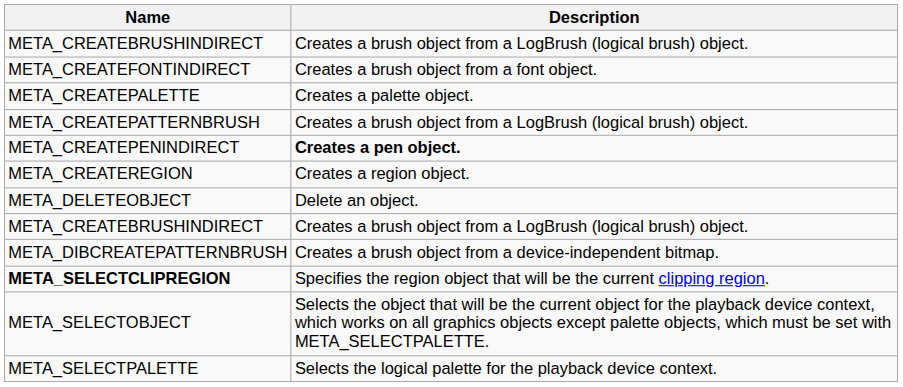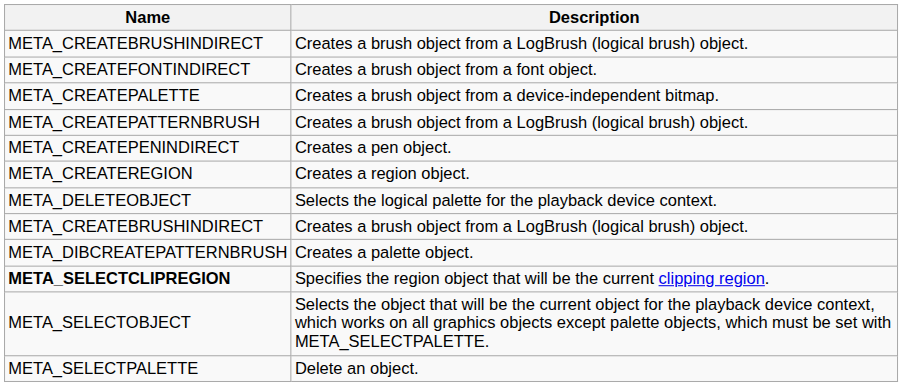 <table class="wikitable">
 <tr valign="bottom">
 <th>Name</th>
 <th>Description</th>
 </tr>
 <tr>
 <td>META_CREATEBRUSHINDIRECT</td>
 <td>Creates a brush object from a LogBrush (logical brush) object.</td>
 </tr>
 <tr>
 <td>META_CREATEFONTINDIRECT</td>
 <td>Creates a brush object from a font object.</td>
 </tr>
 <tr>
 <td>META_CREATEPALETTE</td>
-<td>Creates a palette object.</td>
+<td>Creates a brush object from a device-independent bitmap.</td>
 </tr>
 <tr>
 <td>META_CREATEPATTERNBRUSH</td>
 <td>Creates a brush object from a LogBrush (logical brush) object.</td>
 </tr>
 <tr>
 <td>META_CREATEPENINDIRECT</td>
-<td><strong>Creates a pen object.</strong></td>
+<td>Creates a pen object.</td>
 </tr>
 <tr>
 <td>META_CREATEREGION</td>
 <td>Creates a region object.</td>
 </tr>
 <tr>
 <td>META_DELETEOBJECT</td>
-<td>Delete an object.</td>
+<td>Selects the logical palette for the playback device context.</td>
 </tr>
 <tr>
 <td>META_CREATEBRUSHINDIRECT</td>
 <td>Creates a brush object from a LogBrush (logical brush) object.</td>
 </tr>
 <tr>
 <td>META_DIBCREATEPATTERNBRUSH</td>
-<td>Creates a brush object from a device-independent bitmap.</td>
+<td>Creates a palette object.</td>
 </tr>
 <tr>
 <td><strong>META_SELECTCLIPREGION</strong></td>
 <td>Specifies the region object that will be the current <a href='#'>clipping region</a>.</td>
 </tr>
 <tr>
 <td>META_SELECTOBJECT</td>
 <td>Selects the object that will be the current object for the playback device context, which works on all graphics objects except palette objects, which must be set with META_SELECTPALETTE.</td>
 </tr>
 <tr>
 <td>META_SELECTPALETTE</td>
-<td>Selects the logical palette for the playback device context.</td>
+<td>Delete an object.</td>
 </tr>
 </table>
